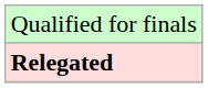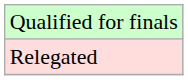 <table class="wikitable">
 <tr width=10px bgcolor="#ccffcc">
 <td>Qualified for finals</td>
 </tr>
 <tr width=10px bgcolor="#ffdddd">
-<td><strong>Relegated</strong></td>
+<td>Relegated</td>
 </tr>
 <tr>
 </tr>
 </table>
